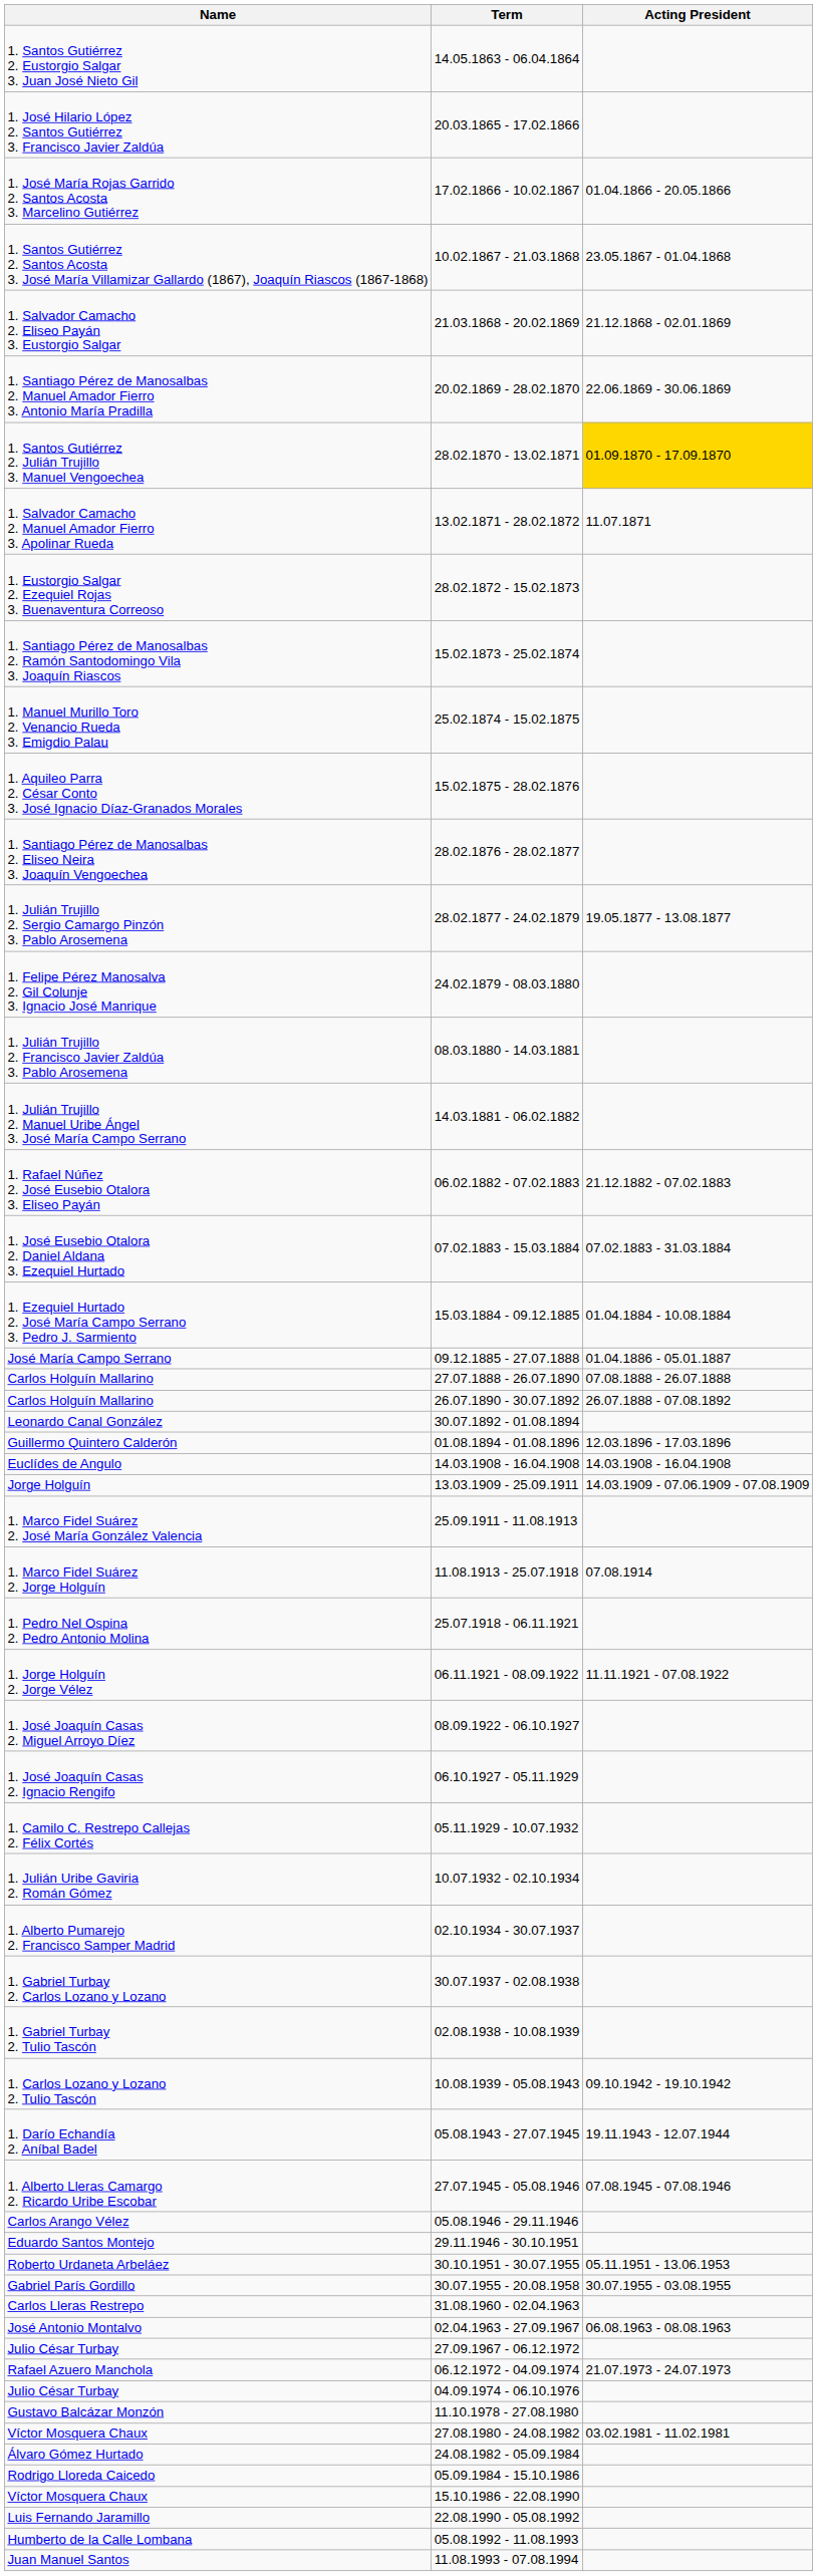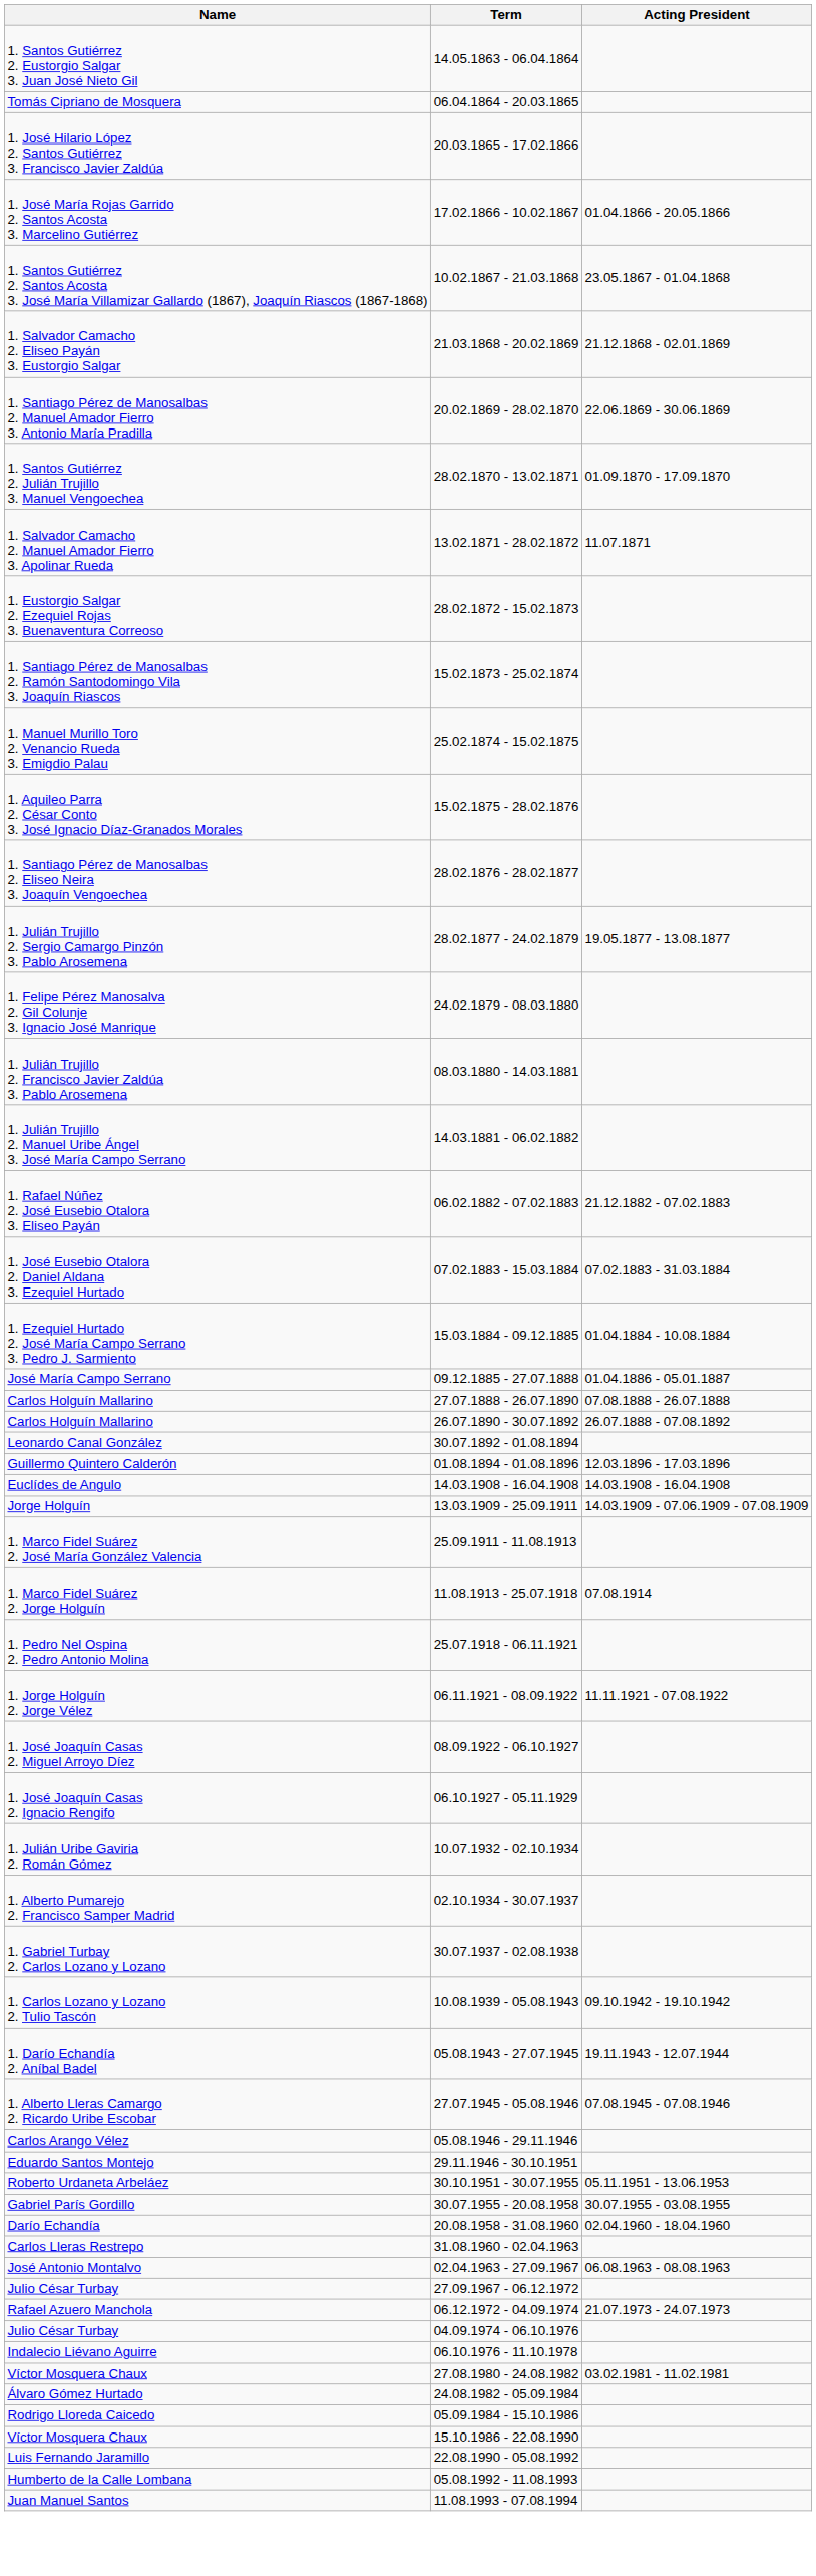 <table class="wikitable">
 <tr>
 <th>Name</th>
 <th>Term</th>
 <th>Acting President</th>
 </tr>
 <tr>
 <td><br>1. <a href='#'>Santos Gutiérrez</a><br>	 2. <a href='#'>Eustorgio Salgar</a><br>	 	  3. <a href='#'>Juan José Nieto Gil</a></td>
 <td>14.05.1863 - 06.04.1864</td>
+<td></td>
+</tr>
+<tr>
+<td><a href='#'>Tomás Cipriano de Mosquera</a></td>
+<td>06.04.1864 - 20.03.1865</td>
 <td></td>
 </tr>
 <tr>
 <td><br>1. <a href='#'>José Hilario López</a><br> 2. <a href='#'>Santos Gutiérrez</a><br>	 	  3. <a href='#'>Francisco Javier Zaldúa</a></td>
 <td>20.03.1865 - 17.02.1866</td>
 <td></td>
 </tr>
 <tr>
 <td><br>1. <a href='#'>José María Rojas Garrido</a><br> 2. <a href='#'>Santos Acosta</a><br> 3. <a href='#'>Marcelino Gutiérrez</a></td>
 <td>17.02.1866 - 10.02.1867</td>
 <td>01.04.1866 - 20.05.1866</td>
 </tr>
 <tr>
 <td><br>1. <a href='#'>Santos Gutiérrez</a><br> 2. <a href='#'>Santos Acosta</a><br> 3. <a href='#'>José María Villamizar Gallardo</a> (1867), <a href='#'>Joaquín Riascos</a> (1867-1868)</td>
 <td>10.02.1867 - 21.03.1868</td>
 <td>23.05.1867 - 01.04.1868</td>
 </tr>
 <tr>
 <td><br>1. <a href='#'>Salvador Camacho</a><br> 2. <a href='#'>Eliseo Payán</a><br> 3. <a href='#'>Eustorgio Salgar</a></td>
 <td>21.03.1868 - 20.02.1869</td>
 <td>21.12.1868 - 02.01.1869</td>
 </tr>
 <tr>
 <td><br>1. <a href='#'>Santiago Pérez de Manosalbas</a><br> 2. <a href='#'>Manuel Amador Fierro</a><br> 	  3. <a href='#'>Antonio María Pradilla</a></td>
 <td>20.02.1869 - 28.02.1870</td>
 <td>22.06.1869 - 30.06.1869</td>
 </tr>
 <tr>
 <td><br>1. <a href='#'>Santos Gutiérrez</a><br>		  2. <a href='#'>Julián Trujillo</a><br>	 	 3. <a href='#'>Manuel Vengoechea</a></td>
 <td>28.02.1870 - 13.02.1871</td>
-<td style="background: gold;">01.09.1870 - 17.09.1870</td>
+<td>01.09.1870 - 17.09.1870</td>
 </tr>
 <tr>
 <td><br>1. <a href='#'>Salvador Camacho</a><br>		 2. <a href='#'>Manuel Amador Fierro</a><br>	 	  3. <a href='#'>Apolinar Rueda</a></td>
 <td>13.02.1871 - 28.02.1872</td>
 <td>11.07.1871</td>
 </tr>
 <tr>
 <td><br>1. <a href='#'>Eustorgio Salgar</a><br>		  2. <a href='#'>Ezequiel Rojas</a><br>	 	  3. <a href='#'>Buenaventura Correoso</a></td>
 <td>28.02.1872 - 15.02.1873</td>
 <td></td>
 </tr>
 <tr>
 <td><br>1. <a href='#'>Santiago Pérez de Manosalbas</a><br>		  2. <a href='#'>Ramón Santodomingo Vila</a><br>	 	  3. <a href='#'>Joaquín Riascos</a></td>
 <td>15.02.1873 - 25.02.1874</td>
 <td></td>
 </tr>
 <tr>
 <td><br>1. <a href='#'>Manuel Murillo Toro</a><br>		  2. <a href='#'>Venancio Rueda</a><br>	 	  3. <a href='#'>Emigdio Palau</a></td>
 <td>25.02.1874 - 15.02.1875</td>
 <td></td>
 </tr>
 <tr>
 <td><br>1. <a href='#'>Aquileo Parra</a><br>		  2. <a href='#'>César Conto</a><br>	 	  3. <a href='#'>José Ignacio Díaz-Granados Morales</a></td>
 <td>15.02.1875 - 28.02.1876</td>
 <td></td>
 </tr>
 <tr>
 <td><br>1. <a href='#'>Santiago Pérez de Manosalbas</a><br> 2. <a href='#'>Eliseo Neira</a><br> 3. <a href='#'>Joaquín Vengoechea</a></td>
 <td>28.02.1876 - 28.02.1877</td>
 <td></td>
 </tr>
 <tr>
 <td><br>1. <a href='#'>Julián Trujillo</a><br> 2. <a href='#'>Sergio Camargo Pinzón</a><br> 3. <a href='#'>Pablo Arosemena</a></td>
 <td>28.02.1877 - 24.02.1879</td>
 <td>19.05.1877 - 13.08.1877</td>
 </tr>
 <tr>
 <td><br>1. <a href='#'>Felipe Pérez Manosalva</a><br> 2. <a href='#'>Gil Colunje</a><br> 3. <a href='#'>Ignacio José Manrique</a></td>
 <td>24.02.1879 - 08.03.1880</td>
 <td></td>
 </tr>
 <tr>
 <td><br>1. <a href='#'>Julián Trujillo</a><br> 2. <a href='#'>Francisco Javier Zaldúa</a><br> 3. <a href='#'>Pablo Arosemena</a></td>
 <td>08.03.1880 - 14.03.1881</td>
 <td></td>
 </tr>
 <tr>
 <td><br>1. <a href='#'>Julián Trujillo</a><br> 2. <a href='#'>Manuel Uribe Ángel</a><br> 3. <a href='#'>José María Campo Serrano</a></td>
 <td>14.03.1881 - 06.02.1882</td>
 <td></td>
 </tr>
 <tr>
 <td><br>1. <a href='#'>Rafael Núñez</a><br> 2. <a href='#'>José Eusebio Otalora</a><br> 3. <a href='#'>Eliseo Payán</a></td>
 <td>06.02.1882 - 07.02.1883</td>
 <td>21.12.1882 - 07.02.1883</td>
 </tr>
 <tr>
 <td><br>1. <a href='#'>José Eusebio Otalora</a><br> 2. <a href='#'>Daniel Aldana</a><br> 3. <a href='#'>Ezequiel Hurtado</a></td>
 <td>07.02.1883 - 15.03.1884</td>
 <td>07.02.1883 - 31.03.1884</td>
 </tr>
 <tr>
 <td><br>1. <a href='#'>Ezequiel Hurtado</a><br> 2. <a href='#'>José María Campo Serrano</a><br> 3. <a href='#'>Pedro J. Sarmiento</a></td>
 <td>15.03.1884 - 09.12.1885</td>
 <td>01.04.1884 - 10.08.1884</td>
 </tr>
 <tr>
 <td><a href='#'>José María Campo Serrano</a></td>
 <td>09.12.1885 - 27.07.1888</td>
 <td>01.04.1886 - 05.01.1887</td>
 </tr>
 <tr>
 <td><a href='#'>Carlos Holguín Mallarino</a></td>
 <td>27.07.1888 - 26.07.1890</td>
 <td>07.08.1888 - 26.07.1888</td>
 </tr>
 <tr>
 <td><a href='#'>Carlos Holguín Mallarino</a></td>
 <td>26.07.1890 - 30.07.1892</td>
 <td>26.07.1888 - 07.08.1892</td>
 </tr>
 <tr>
 <td><a href='#'>Leonardo Canal González</a></td>
 <td>30.07.1892 - 01.08.1894</td>
 <td></td>
 </tr>
 <tr>
 <td><a href='#'>Guillermo Quintero Calderón</a></td>
 <td>01.08.1894 - 01.08.1896</td>
 <td>12.03.1896 - 17.03.1896</td>
 </tr>
 <tr>
 <td><a href='#'>Euclídes de Angulo</a></td>
 <td>14.03.1908 - 16.04.1908</td>
 <td>14.03.1908 - 16.04.1908</td>
 </tr>
 <tr>
 <td><a href='#'>Jorge Holguín</a></td>
 <td>13.03.1909 - 25.09.1911</td>
 <td>14.03.1909 - 07.06.1909 - 07.08.1909</td>
 </tr>
 <tr>
 <td><br>1. <a href='#'>Marco Fidel Suárez</a><br> 2. <a href='#'>José María González Valencia</a></td>
 <td>25.09.1911 - 11.08.1913</td>
 <td></td>
 </tr>
 <tr>
 <td><br>1. <a href='#'>Marco Fidel Suárez</a><br> 2. <a href='#'>Jorge Holguín</a></td>
 <td>11.08.1913 - 25.07.1918</td>
 <td>07.08.1914</td>
 </tr>
 <tr>
 <td><br>1. <a href='#'>Pedro Nel Ospina</a><br> 2. <a href='#'>Pedro Antonio Molina</a></td>
 <td>25.07.1918 - 06.11.1921</td>
 <td></td>
 </tr>
 <tr>
 <td><br>1. <a href='#'>Jorge Holguín</a><br> 2. <a href='#'>Jorge Vélez</a></td>
 <td>06.11.1921 - 08.09.1922</td>
 <td>11.11.1921 - 07.08.1922</td>
 </tr>
 <tr>
 <td><br>1. <a href='#'>José Joaquín Casas</a><br> 2. <a href='#'>Miguel Arroyo Díez</a></td>
 <td>08.09.1922 - 06.10.1927</td>
 <td></td>
 </tr>
 <tr>
 <td><br>1. <a href='#'>José Joaquín Casas</a><br> 2. <a href='#'>Ignacio Rengifo</a></td>
 <td>06.10.1927 - 05.11.1929</td>
 <td></td>
 </tr>
 <tr>
-<td><br>1. <a href='#'>Camilo C. Restrepo Callejas</a><br> 2. <a href='#'>Félix Cortés</a></td>
-<td>05.11.1929 - 10.07.1932</td>
-<td></td>
-</tr>
-<tr>
 <td><br>1. <a href='#'>Julián Uribe Gaviria</a><br> 2. <a href='#'>Román Gómez</a></td>
 <td>10.07.1932 - 02.10.1934</td>
 <td></td>
 </tr>
 <tr>
 <td><br>1. <a href='#'>Alberto Pumarejo</a><br> 2. <a href='#'>Francisco Samper Madrid</a></td>
 <td>02.10.1934 - 30.07.1937</td>
 <td></td>
 </tr>
 <tr>
 <td><br>1. <a href='#'>Gabriel Turbay</a><br> 2. <a href='#'>Carlos Lozano y Lozano</a></td>
 <td>30.07.1937 - 02.08.1938</td>
-<td></td>
-</tr>
-<tr>
-<td><br>1. <a href='#'>Gabriel Turbay</a><br> 2. <a href='#'>Tulio Tascón</a></td>
-<td>02.08.1938 - 10.08.1939</td>
 <td></td>
 </tr>
 <tr>
 <td><br>1. <a href='#'>Carlos Lozano y Lozano</a><br> 2. <a href='#'>Tulio Tascón</a></td>
 <td>10.08.1939 - 05.08.1943</td>
 <td>09.10.1942 - 19.10.1942</td>
 </tr>
 <tr>
 <td><br>1. <a href='#'>Darío Echandía</a><br> 2. <a href='#'>Aníbal Badel</a></td>
 <td>05.08.1943 - 27.07.1945</td>
 <td>19.11.1943 - 12.07.1944</td>
 </tr>
 <tr>
 <td><br>1. <a href='#'>Alberto Lleras Camargo</a><br> 2. <a href='#'>Ricardo Uribe Escobar</a></td>
 <td>27.07.1945 - 05.08.1946</td>
 <td>07.08.1945 - 07.08.1946</td>
 </tr>
 <tr>
 <td><a href='#'>Carlos Arango Vélez</a></td>
 <td>05.08.1946 - 29.11.1946</td>
 <td></td>
 </tr>
 <tr>
 <td><a href='#'>Eduardo Santos Montejo</a></td>
 <td>29.11.1946 - 30.10.1951</td>
 <td></td>
 </tr>
 <tr>
 <td><a href='#'>Roberto Urdaneta Arbeláez</a></td>
 <td>30.10.1951 - 30.07.1955</td>
 <td>05.11.1951 - 13.06.1953</td>
 </tr>
 <tr>
 <td><a href='#'>Gabriel París Gordillo</a></td>
 <td>30.07.1955 - 20.08.1958</td>
 <td>30.07.1955 - 03.08.1955</td>
 </tr>
 <tr>
+<td><a href='#'>Darío Echandía</a></td>
+<td>20.08.1958 - 31.08.1960</td>
+<td>02.04.1960 - 18.04.1960</td>
+</tr>
+<tr>
 <td><a href='#'>Carlos Lleras Restrepo</a></td>
 <td>31.08.1960 - 02.04.1963</td>
 <td></td>
 </tr>
 <tr>
 <td><a href='#'>José Antonio Montalvo</a></td>
 <td>02.04.1963 - 27.09.1967</td>
 <td>06.08.1963 - 08.08.1963</td>
 </tr>
 <tr>
 <td><a href='#'>Julio César Turbay</a></td>
 <td>27.09.1967 - 06.12.1972</td>
 <td></td>
 </tr>
 <tr>
 <td><a href='#'>Rafael Azuero Manchola</a></td>
 <td>06.12.1972 - 04.09.1974</td>
 <td>21.07.1973 - 24.07.1973</td>
 </tr>
 <tr>
 <td><a href='#'>Julio César Turbay</a></td>
 <td>04.09.1974 - 06.10.1976</td>
 <td></td>
 </tr>
 <tr>
-<td><a href='#'>Gustavo Balcázar Monzón</a></td>
-<td>11.10.1978 - 27.08.1980</td>
+<td><a href='#'>Indalecio Liévano Aguirre</a></td>
+<td>06.10.1976 - 11.10.1978</td>
 <td></td>
 </tr>
 <tr>
 <td><a href='#'>Víctor Mosquera Chaux</a></td>
 <td>27.08.1980 - 24.08.1982</td>
 <td>03.02.1981 - 11.02.1981</td>
 </tr>
 <tr>
 <td><a href='#'>Álvaro Gómez Hurtado</a></td>
 <td>24.08.1982 - 05.09.1984</td>
 <td></td>
 </tr>
 <tr>
 <td><a href='#'>Rodrigo Lloreda Caicedo</a></td>
 <td>05.09.1984 - 15.10.1986</td>
 <td></td>
 </tr>
 <tr>
 <td><a href='#'>Víctor Mosquera Chaux</a></td>
 <td>15.10.1986 - 22.08.1990</td>
 <td></td>
 </tr>
 <tr>
 <td><a href='#'>Luis Fernando Jaramillo</a></td>
 <td>22.08.1990 - 05.08.1992</td>
 <td></td>
 </tr>
 <tr>
 <td><a href='#'>Humberto de la Calle Lombana</a></td>
 <td>05.08.1992 - 11.08.1993</td>
 <td></td>
 </tr>
 <tr>
 <td><a href='#'>Juan Manuel Santos</a></td>
 <td>11.08.1993 - 07.08.1994</td>
 <td></td>
 </tr>
 </table>
